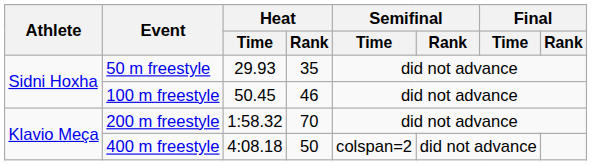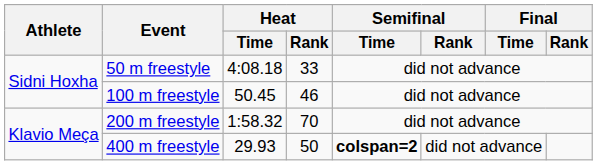 <table class=wikitable style="font-size:90%">
 <tr>
 <th rowspan="2">Athlete</th>
 <th rowspan="2">Event</th>
 <th colspan="2">Heat</th>
 <th colspan="2">Semifinal</th>
 <th colspan="2">Final</th>
 </tr>
 <tr style="font-size:95%">
 <th>Time</th>
 <th>Rank</th>
 <th>Time</th>
 <th>Rank</th>
 <th>Time</th>
 <th>Rank</th>
 </tr>
 <tr align=center>
 <td align=left rowspan=2><a href='#'>Sidni Hoxha</a></td>
 <td align=left><a href='#'>50 m freestyle</a></td>
-<td>29.93</td>
-<td>35</td>
+<td>4:08.18</td>
+<td>33</td>
 <td colspan=4>did not advance</td>
 </tr>
 <tr align=center>
 <td align=left><a href='#'>100 m freestyle</a></td>
 <td>50.45</td>
 <td>46</td>
 <td colspan=4>did not advance</td>
 </tr>
 <tr align=center>
 <td align=left rowspan=2><a href='#'>Klavio Meça</a></td>
 <td align=left><a href='#'>200 m freestyle</a></td>
 <td>1:58.32</td>
 <td>70</td>
 <td colspan=4>did not advance</td>
 </tr>
 <tr align=center>
 <td align=left><a href='#'>400 m freestyle</a></td>
-<td>4:08.18</td>
+<td>29.93</td>
 <td>50</td>
-<td>colspan=2 </td>
+<td><strong>colspan=2 </strong></td>
 <td colspan=2>did not advance</td>
 </tr>
 </table>
